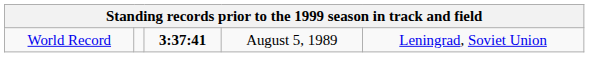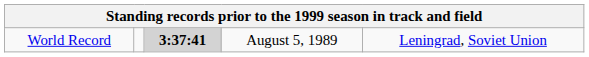 <table class="wikitable" style="text-align:center; width:100%">
 <tr>
 <th colspan="5">Standing records prior to the 1999 season in track and field</th>
 </tr>
 <tr>
 <td><a href='#'>World Record</a></td>
 <td></td>
-<td><strong>3:37:41</strong></td>
+<td style="background: lightgrey;"><strong>3:37:41</strong></td>
 <td>August 5, 1989</td>
 <td> <a href='#'>Leningrad</a>, <a href='#'>Soviet Union</a></td>
 </tr>
 </table>
